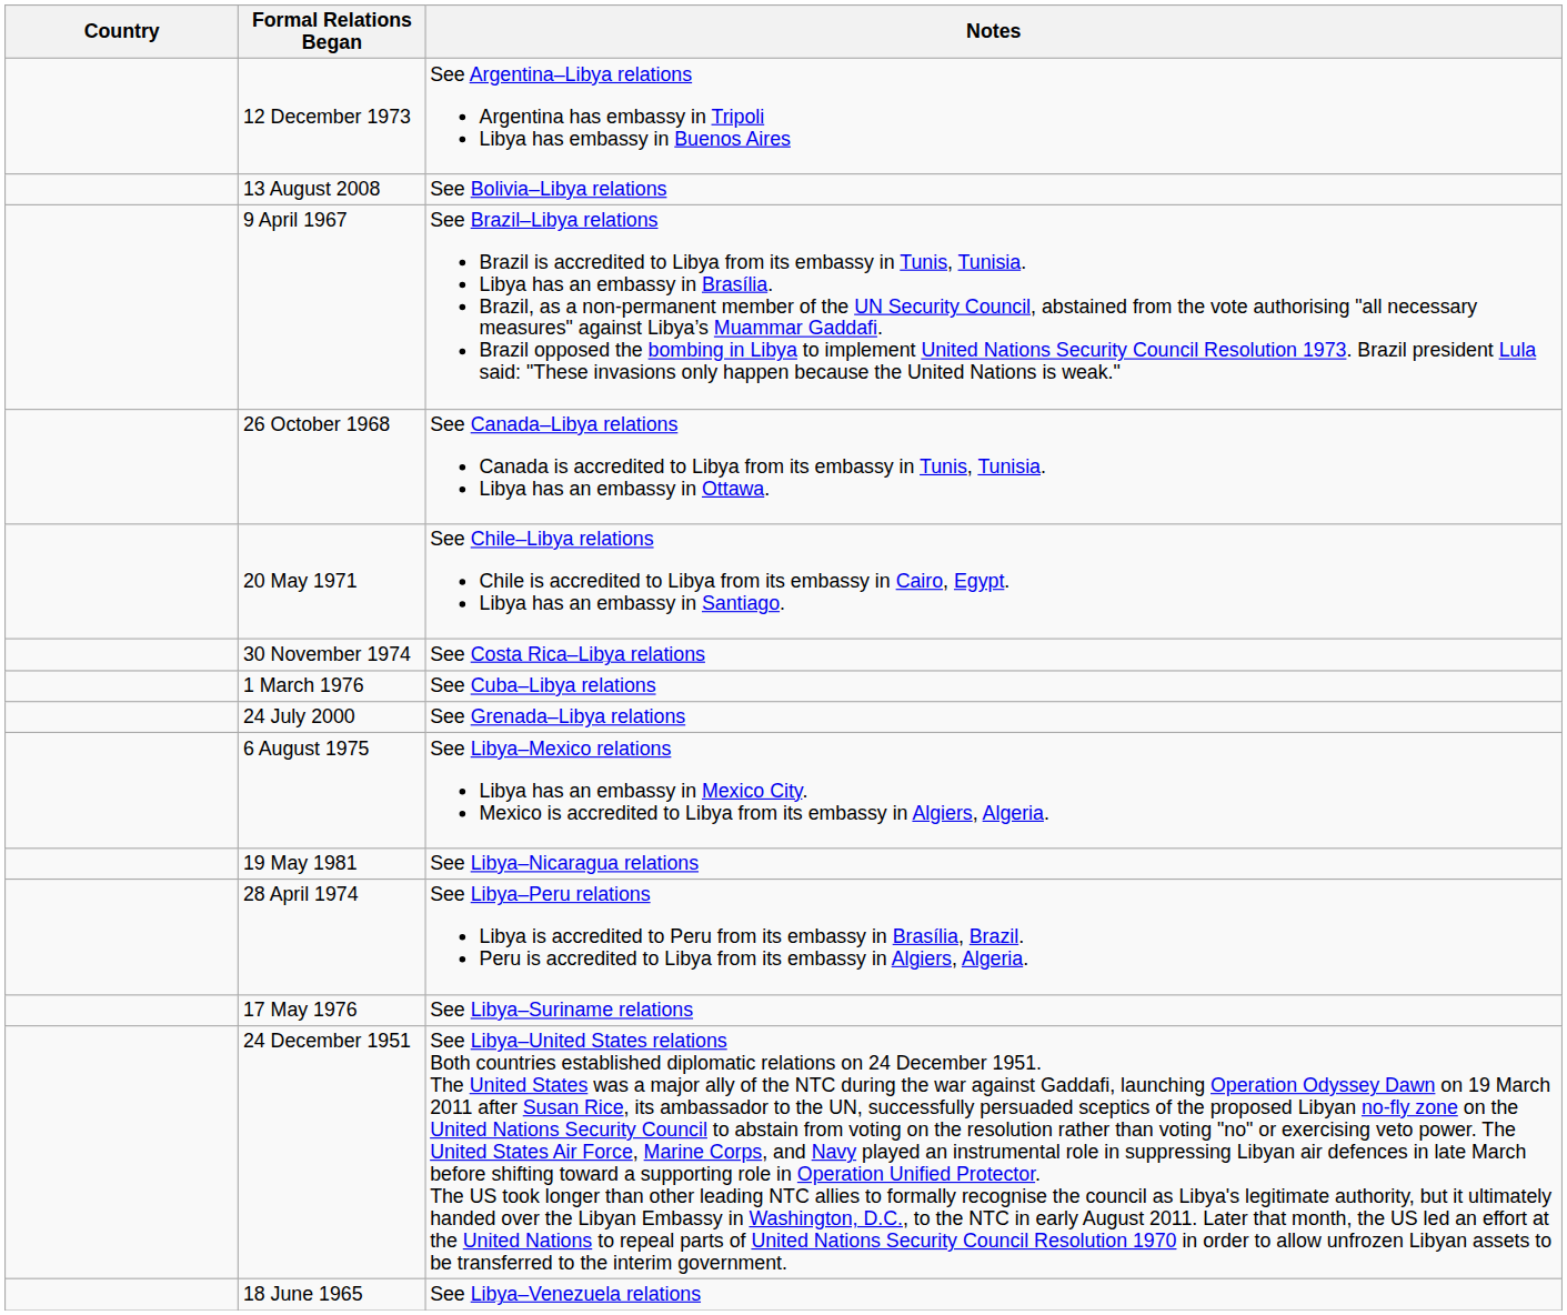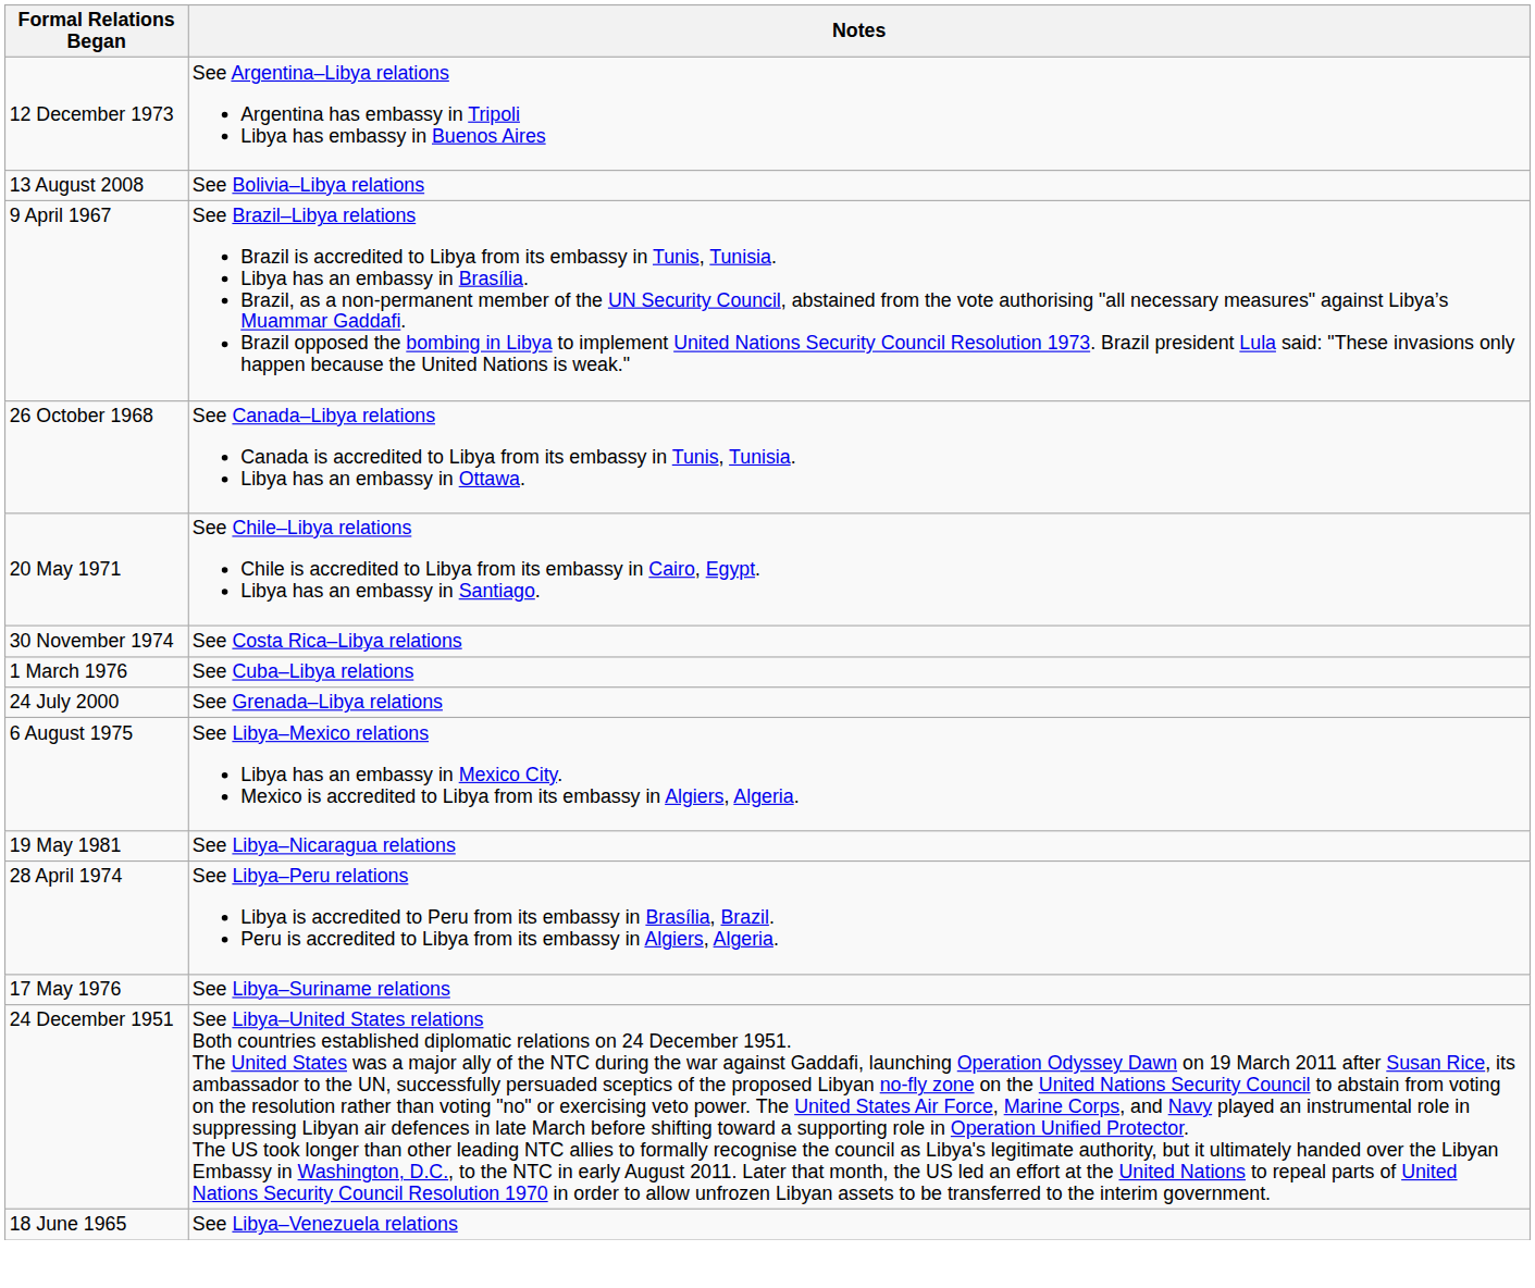 <table class="wikitable sortable" style="width:100%; margin:auto;">
 <tr>
-<th style="width:15%;">Country</th>
 <th style="width:12%;">Formal Relations Began</th>
 <th>Notes</th>
 </tr>
 <tr valing="top">
-<td></td>
 <td>12 December 1973</td>
 <td>See <a href='#'>Argentina–Libya relations</a><br><ul><li>Argentina has embassy in <a href='#'>Tripoli</a></li><li>Libya has embassy in <a href='#'>Buenos Aires</a></li></ul></td>
 </tr>
 <tr>
-<td></td>
 <td>13 August 2008</td>
 <td>See <a href='#'>Bolivia–Libya relations</a></td>
 </tr>
 <tr valign="top">
-<td></td>
 <td>9 April 1967</td>
 <td>See <a href='#'>Brazil–Libya relations</a><br><ul><li>Brazil is accredited to Libya from its embassy in <a href='#'>Tunis</a>, <a href='#'>Tunisia</a>.</li><li>Libya has an embassy in <a href='#'>Brasília</a>.</li><li>Brazil, as a non-permanent member of the <a href='#'>UN Security Council</a>, abstained from the vote authorising "all necessary measures" against Libya’s <a href='#'>Muammar Gaddafi</a>.</li><li>Brazil opposed the <a href='#'>bombing in Libya</a> to implement <a href='#'>United Nations Security Council Resolution 1973</a>. Brazil president <a href='#'>Lula</a> said: "These invasions only happen because the United Nations is weak."</li></ul></td>
 </tr>
 <tr valign="top">
-<td></td>
 <td>26 October 1968</td>
 <td>See <a href='#'>Canada–Libya relations</a><br><ul><li>Canada is accredited to Libya from its embassy in <a href='#'>Tunis</a>, <a href='#'>Tunisia</a>.</li><li>Libya has an embassy in <a href='#'>Ottawa</a>.</li></ul></td>
 </tr>
 <tr>
-<td></td>
 <td>20 May 1971</td>
 <td>See <a href='#'>Chile–Libya relations</a><br><ul><li>Chile is accredited to Libya from its embassy in <a href='#'>Cairo</a>, <a href='#'>Egypt</a>.</li><li>Libya has an embassy in <a href='#'>Santiago</a>.</li></ul></td>
 </tr>
 <tr>
-<td></td>
 <td>30 November 1974</td>
 <td>See <a href='#'>Costa Rica–Libya relations</a></td>
 </tr>
 <tr>
-<td></td>
 <td>1 March 1976</td>
 <td>See <a href='#'>Cuba–Libya relations</a></td>
 </tr>
 <tr>
-<td></td>
 <td>24 July 2000</td>
 <td>See <a href='#'>Grenada–Libya relations</a></td>
 </tr>
 <tr valign="top">
-<td></td>
 <td>6 August 1975</td>
 <td>See <a href='#'>Libya–Mexico relations</a><br><ul><li>Libya has an embassy in <a href='#'>Mexico City</a>.</li><li>Mexico is accredited to Libya from its embassy in <a href='#'>Algiers</a>, <a href='#'>Algeria</a>.</li></ul></td>
 </tr>
 <tr>
-<td></td>
 <td>19 May 1981</td>
 <td>See <a href='#'>Libya–Nicaragua relations</a></td>
 </tr>
 <tr valign="top">
-<td></td>
 <td>28 April 1974</td>
 <td>See <a href='#'>Libya–Peru relations</a><br><ul><li>Libya is accredited to Peru from its embassy in <a href='#'>Brasília</a>, <a href='#'>Brazil</a>.</li><li>Peru is accredited to Libya from its embassy in <a href='#'>Algiers</a>, <a href='#'>Algeria</a>.</li></ul></td>
 </tr>
 <tr>
-<td></td>
 <td>17 May 1976</td>
 <td>See <a href='#'>Libya–Suriname relations</a></td>
 </tr>
 <tr valign="top">
-<td></td>
 <td>24 December 1951</td>
 <td>See <a href='#'>Libya–United States relations</a><br>Both countries established diplomatic relations on 24 December 1951.<br> The <a href='#'>United States</a> was a major ally of the NTC during the war against Gaddafi, launching <a href='#'>Operation Odyssey Dawn</a> on 19 March 2011 after <a href='#'>Susan Rice</a>, its ambassador to the UN, successfully persuaded sceptics of the proposed Libyan <a href='#'>no-fly zone</a> on the <a href='#'>United Nations Security Council</a> to abstain from voting on the resolution rather than voting "no" or exercising veto power. The <a href='#'>United States Air Force</a>, <a href='#'>Marine Corps</a>, and <a href='#'>Navy</a> played an instrumental role in suppressing Libyan air defences in late March before shifting toward a supporting role in <a href='#'>Operation Unified Protector</a>.<br>The US took longer than other leading NTC allies to formally recognise the council as Libya's legitimate authority, but it ultimately handed over the Libyan Embassy in <a href='#'>Washington, D.C.</a>, to the NTC in early August 2011. Later that month, the US led an effort at the <a href='#'>United Nations</a> to repeal parts of <a href='#'>United Nations Security Council Resolution 1970</a> in order to allow unfrozen Libyan assets to be transferred to the interim government.</td>
 </tr>
 <tr>
-<td></td>
 <td>18 June 1965</td>
 <td>See <a href='#'>Libya–Venezuela relations</a></td>
 </tr>
 </table>
